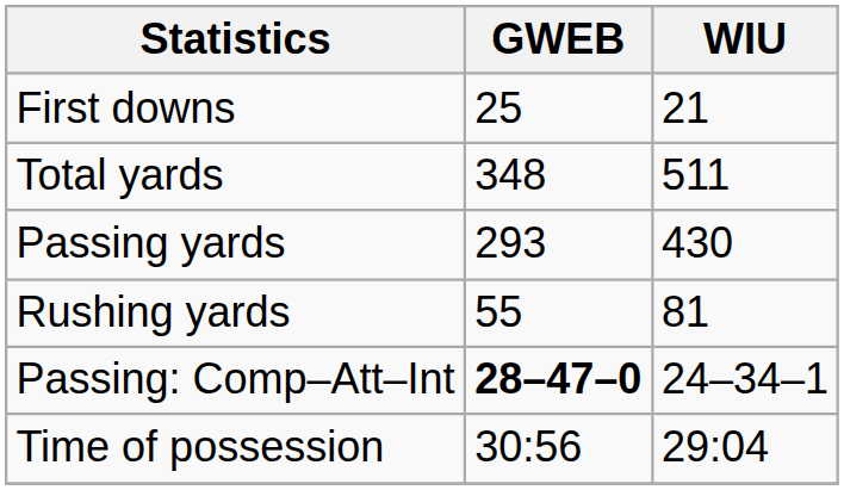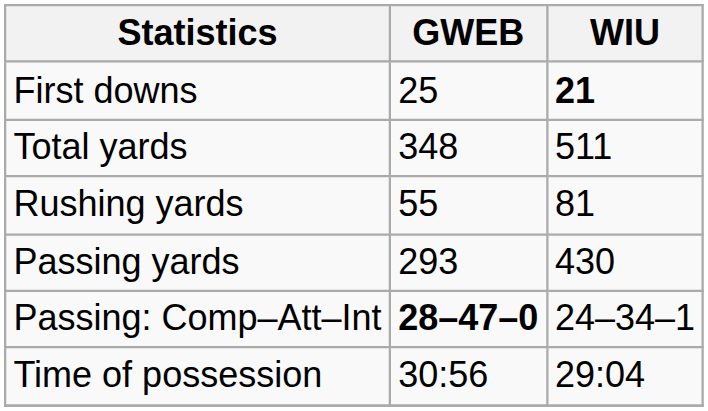 <table class="wikitable" style="float: left;">
 <tr>
 <th>Statistics</th>
 <th>GWEB</th>
 <th>WIU</th>
 </tr>
 <tr>
 <td>First downs</td>
 <td>25</td>
-<td>21</td>
+<td><strong>21</strong></td>
 </tr>
 <tr>
 <td>Total yards</td>
 <td>348</td>
 <td>511</td>
 </tr>
 <tr>
+<td>Rushing yards</td>
+<td>55</td>
+<td>81</td>
+</tr>
+<tr>
 <td>Passing yards</td>
 <td>293</td>
 <td>430</td>
-</tr>
-<tr>
-<td>Rushing yards</td>
-<td>55</td>
-<td>81</td>
 </tr>
 <tr>
 <td>Passing: Comp–Att–Int</td>
 <td><strong>28–47–0</strong></td>
 <td>24–34–1</td>
 </tr>
 <tr>
 <td>Time of possession</td>
 <td>30:56</td>
 <td>29:04</td>
 </tr>
 <tr>
 </tr>
 </table>
